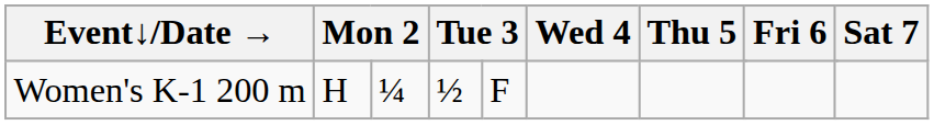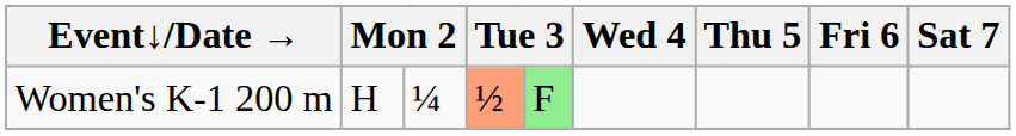 <table class="wikitable olympic-schedule canoeing">
 <tr>
 <th>Event↓/Date →</th>
 <th colspan="2">Mon 2</th>
 <th colspan="2">Tue 3</th>
 <th colspan="2">Wed 4</th>
 <th colspan="2">Thu 5</th>
 <th colspan="2">Fri 6</th>
 <th colspan="2">Sat 7</th>
 </tr>
 <tr>
 <td class="event">Women's K-1 200 m</td>
 <td class="heats">H</td>
 <td class="quarterfinals">¼</td>
-<td class="semifinals">½</td>
-<td class="final">F</td>
+<td class="semifinals" style="background: lightsalmon;">½</td>
+<td class="final" style="background: lightgreen;">F</td>
 <td colspan="2"></td>
 <td colspan="2"></td>
 <td colspan="2"></td>
 <td colspan="2"></td>
 </tr>
 </table>
